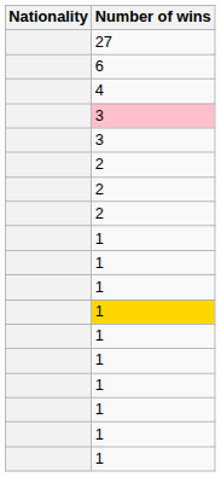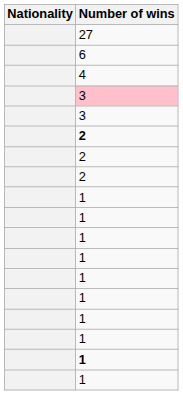 <table class="wikitable plainrowheaders">
 <tr>
 <th scope="col">Nationality</th>
 <th scope="col">Number of wins</th>
 </tr>
 <tr>
 <th scope="row"></th>
 <td>27</td>
 </tr>
 <tr>
 <th scope="row"></th>
 <td>6</td>
 </tr>
 <tr>
 <th scope="row"></th>
 <td>4</td>
 </tr>
 <tr>
 <th scope="row"></th>
 <td style="background: pink;">3</td>
 </tr>
 <tr>
 <th scope="row"></th>
 <td>3</td>
 </tr>
 <tr>
 <th scope="row"></th>
-<td>2</td>
+<td><strong>2</strong></td>
 </tr>
 <tr>
 <th scope="row"></th>
 <td>2</td>
 </tr>
 <tr>
 <th scope="row"></th>
 <td>2</td>
-</tr>
-<tr>
-<th scope="row"></th>
-<td>1</td>
-</tr>
-<tr>
-<th scope="row"></th>
-<td>1</td>
-</tr>
-<tr>
-<th scope="row"></th>
-<td>1</td>
-</tr>
-<tr>
-<th scope="row"></th>
-<td style="background: gold;">1</td>
 </tr>
 <tr>
 <th scope="row"></th>
 <td>1</td>
 </tr>
 <tr>
 <th scope="row"></th>
 <td>1</td>
 </tr>
 <tr>
 <th scope="row"></th>
 <td>1</td>
 </tr>
 <tr>
 <th scope="row"></th>
 <td>1</td>
 </tr>
 <tr>
 <th scope="row"></th>
 <td>1</td>
 </tr>
 <tr>
 <th scope="row"></th>
 <td>1</td>
 </tr>
+<tr>
+<th scope="row"></th>
+<td>1</td>
+</tr>
+<tr>
+<th scope="row"></th>
+<td>1</td>
+</tr>
+<tr>
+<th scope="row"></th>
+<td><strong>1</strong></td>
+</tr>
+<tr>
+<th scope="row"></th>
+<td>1</td>
+</tr>
 </table>
